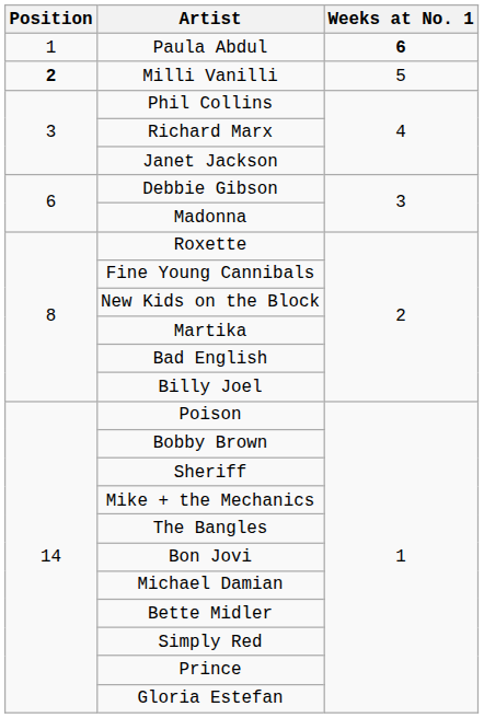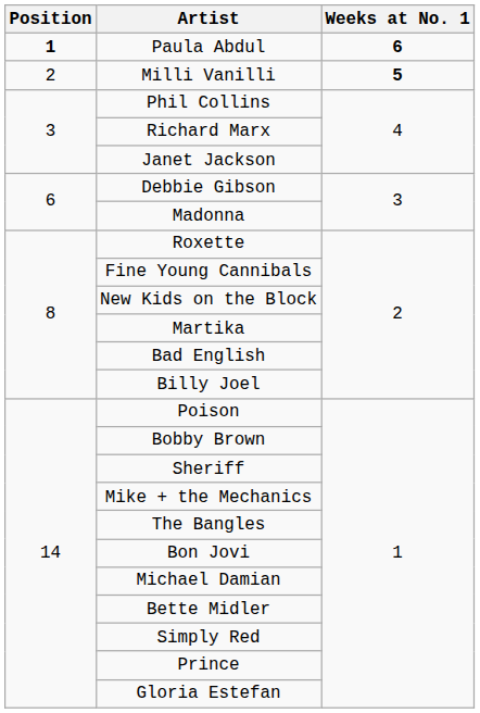 <table class="wikitable plainrowheaders" style="text-align:center;">
 <tr>
 <th>Position</th>
 <th>Artist</th>
 <th>Weeks at No. 1</th>
 </tr>
 <tr>
-<td>1</td>
+<td><strong>1</strong></td>
 <td>Paula Abdul</td>
 <td><strong>6</strong></td>
 </tr>
 <tr>
-<td><strong>2</strong></td>
+<td>2</td>
 <td>Milli Vanilli</td>
-<td>5</td>
+<td><strong>5</strong></td>
 </tr>
 <tr>
 <td rowspan=3>3</td>
 <td>Phil Collins</td>
 <td rowspan=3>4</td>
 </tr>
 <tr>
 <td>Richard Marx</td>
 </tr>
 <tr>
 <td>Janet Jackson</td>
 </tr>
 <tr>
 <td rowspan=2>6</td>
 <td>Debbie Gibson</td>
 <td rowspan=2>3</td>
 </tr>
 <tr>
 <td>Madonna</td>
 </tr>
 <tr>
 <td rowspan=6>8</td>
 <td>Roxette</td>
 <td rowspan=6>2</td>
 </tr>
 <tr>
 <td>Fine Young Cannibals</td>
 </tr>
 <tr>
 <td>New Kids on the Block</td>
 </tr>
 <tr>
 <td>Martika</td>
 </tr>
 <tr>
 <td>Bad English</td>
 </tr>
 <tr>
 <td>Billy Joel</td>
 </tr>
 <tr>
 <td rowspan=11>14</td>
 <td>Poison</td>
 <td rowspan=11>1</td>
 </tr>
 <tr>
 <td>Bobby Brown</td>
 </tr>
 <tr>
 <td>Sheriff</td>
 </tr>
 <tr>
 <td>Mike + the Mechanics</td>
 </tr>
 <tr>
 <td>The Bangles</td>
 </tr>
 <tr>
 <td>Bon Jovi</td>
 </tr>
 <tr>
 <td>Michael Damian</td>
 </tr>
 <tr>
 <td>Bette Midler</td>
 </tr>
 <tr>
 <td>Simply Red</td>
 </tr>
 <tr>
 <td>Prince</td>
 </tr>
 <tr>
 <td>Gloria Estefan</td>
 </tr>
 </table>
